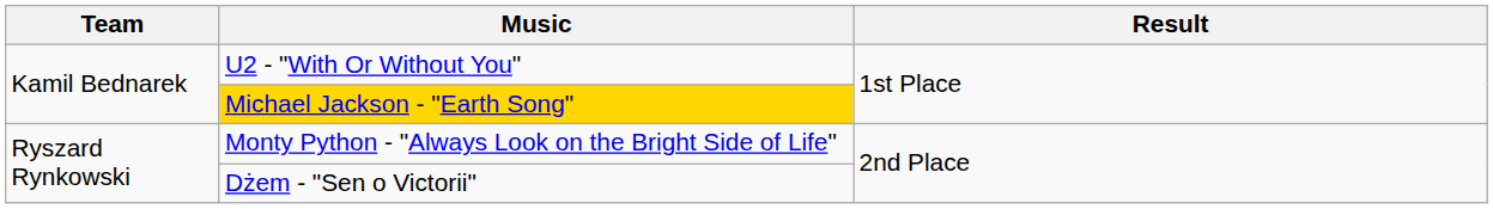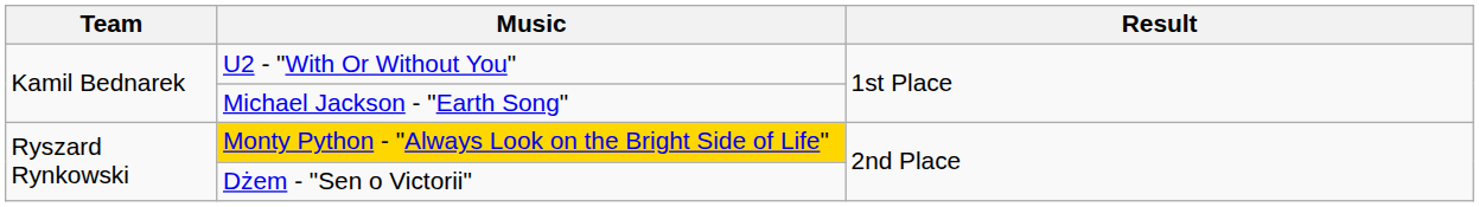 <table class="wikitable">
 <tr>
 <th style="width:130px;">Team</th>
 <th style="width:400px;">Music</th>
 <th style="width:400px;">Result</th>
 </tr>
 <tr>
 <td rowspan="2">Kamil Bednarek</td>
 <td><a href='#'>U2</a> - "<a href='#'>With Or Without You</a>"</td>
 <td rowspan="2">1st Place</td>
 </tr>
 <tr>
-<td style="background: gold;"><a href='#'>Michael Jackson</a> - "<a href='#'>Earth Song</a>"</td>
+<td><a href='#'>Michael Jackson</a> - "<a href='#'>Earth Song</a>"</td>
 </tr>
 <tr>
 <td rowspan="2">Ryszard Rynkowski</td>
-<td><a href='#'>Monty Python</a> - "<a href='#'>Always Look on the Bright Side of Life</a>"</td>
+<td style="background: gold;"><a href='#'>Monty Python</a> - "<a href='#'>Always Look on the Bright Side of Life</a>"</td>
 <td rowspan="2">2nd Place</td>
 </tr>
 <tr>
 <td><a href='#'>Dżem</a> - "Sen o Victorii"</td>
 </tr>
 </table>
